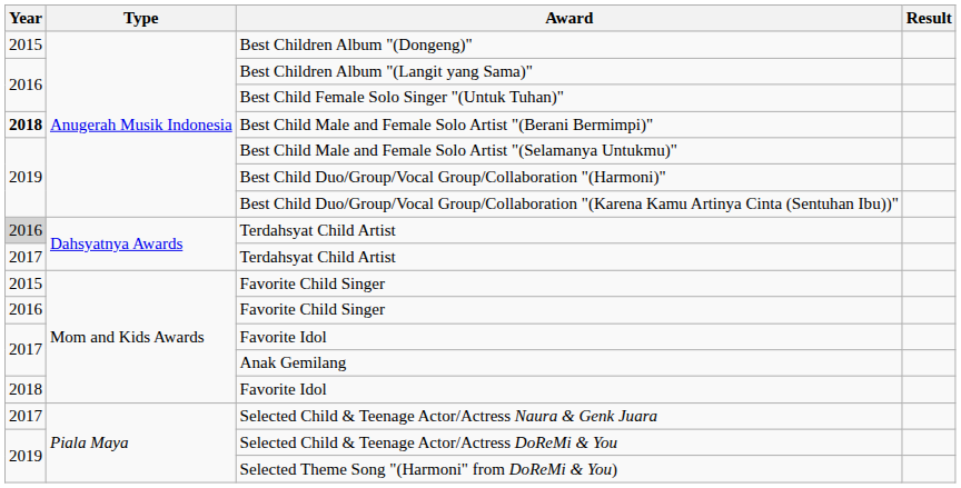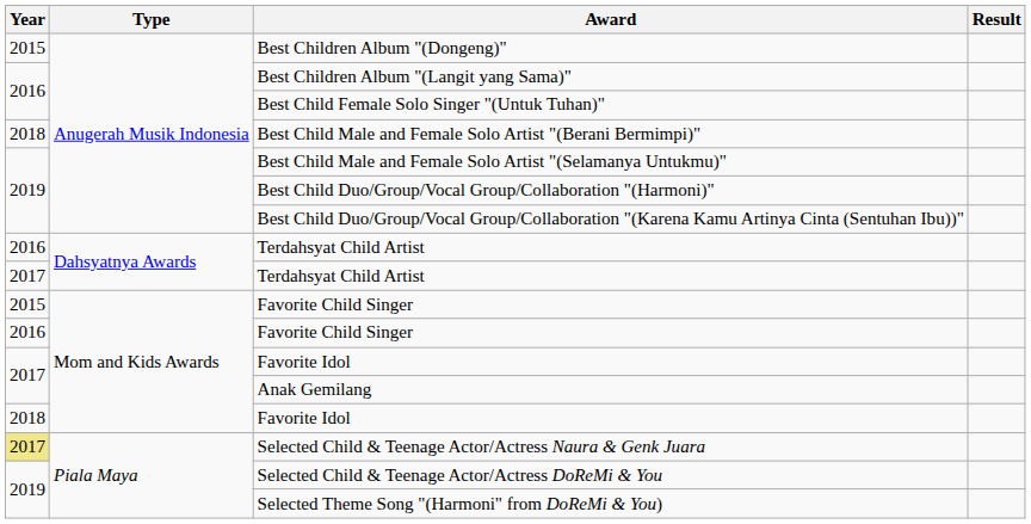 <table class="wikitable">
 <tr>
 <th>Year</th>
 <th>Type</th>
 <th>Award</th>
 <th>Result</th>
 </tr>
 <tr>
 <td rowspan="1">2015</td>
 <td rowspan="7"><a href='#'>Anugerah Musik Indonesia</a></td>
 <td>Best Children Album "(Dongeng)"</td>
 <td></td>
 </tr>
 <tr>
 <td rowspan="2">2016</td>
 <td>Best Children Album "(Langit yang Sama)"</td>
 <td></td>
 </tr>
 <tr>
 <td>Best Child Female Solo Singer "(Untuk Tuhan)"</td>
 <td></td>
 </tr>
 <tr>
-<td rowspan="1"><strong>2018</strong></td>
+<td rowspan="1">2018</td>
 <td>Best Child Male and Female Solo Artist "(Berani Bermimpi)"</td>
 <td></td>
 </tr>
 <tr>
 <td rowspan="3">2019</td>
 <td>Best Child Male and Female Solo Artist "(Selamanya Untukmu)"</td>
 <td></td>
 </tr>
 <tr>
 <td>Best Child Duo/Group/Vocal Group/Collaboration "(Harmoni)" </td>
 <td></td>
 </tr>
 <tr>
 <td>Best Child Duo/Group/Vocal Group/Collaboration "(Karena Kamu Artinya Cinta (Sentuhan Ibu))" </td>
 <td></td>
 </tr>
 <tr>
-<td rowspan="1" style="background: lightgrey;">2016</td>
+<td rowspan="1">2016</td>
 <td rowspan="2"><a href='#'>Dahsyatnya Awards</a></td>
 <td>Terdahsyat Child Artist</td>
 <td></td>
 </tr>
 <tr>
 <td rowspan="1">2017</td>
 <td>Terdahsyat Child Artist</td>
 <td></td>
 </tr>
 <tr>
 <td rowspan="1">2015</td>
 <td rowspan="5">Mom and Kids Awards</td>
 <td>Favorite Child Singer</td>
 <td></td>
 </tr>
 <tr>
 <td rowspan="1">2016</td>
 <td>Favorite Child Singer</td>
 <td></td>
 </tr>
 <tr>
 <td rowspan="2">2017</td>
 <td>Favorite Idol</td>
 <td></td>
 </tr>
 <tr>
 <td>Anak Gemilang</td>
 <td></td>
 </tr>
 <tr>
 <td rowspan="1">2018</td>
 <td>Favorite Idol</td>
 <td></td>
 </tr>
 <tr>
-<td rowspan="1">2017</td>
+<td rowspan="1" style="background: khaki;">2017</td>
 <td rowspan="3"><em>Piala Maya</em></td>
 <td>Selected Child & Teenage Actor/Actress <em>Naura & Genk Juara</em></td>
 <td></td>
 </tr>
 <tr>
 <td rowspan="2">2019</td>
 <td>Selected Child & Teenage Actor/Actress <em>DoReMi & You</em></td>
 <td></td>
 </tr>
 <tr>
 <td>Selected Theme Song "(Harmoni" from <em>DoReMi & You</em>) </td>
 <td></td>
 </tr>
 </table>
